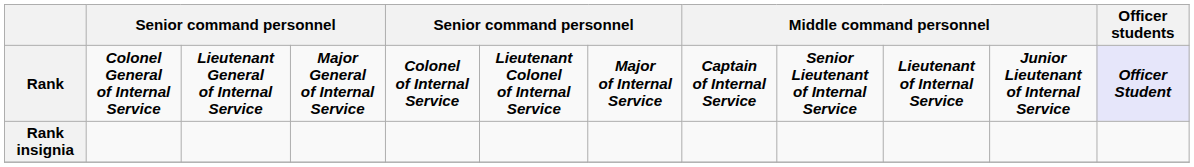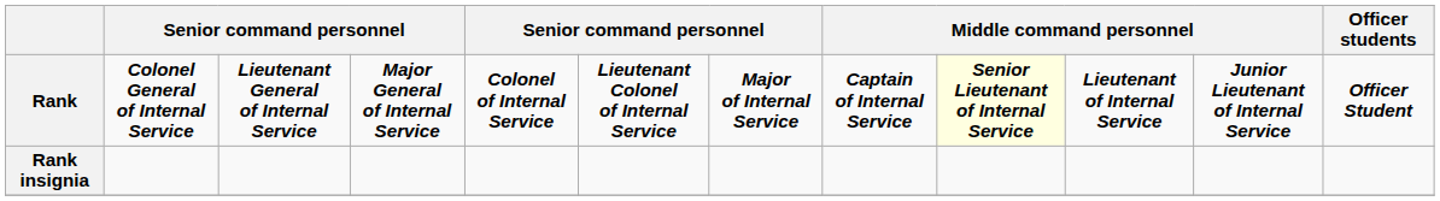 <table class="wikitable">
 <tr>
 <th></th>
 <th colspan=3>Senior command personnel</th>
 <th colspan=3>Senior command personnel</th>
 <th colspan=4>Middle command personnel</th>
 <th colspan=4>Officer students</th>
 </tr>
 <tr style="text-align:center;">
 <th>Rank </th>
 <td><strong><em> Colonel General<br> of Internal Service</em></strong></td>
 <td><strong><em>Lieutenant General<br> of Internal Service</em></strong></td>
 <td><strong><em>Major General<br> of Internal Service</em></strong></td>
 <td><strong><em>Colonel<br> of Internal Service</em></strong></td>
 <td><strong><em>Lieutenant Colonel<br> of Internal Service</em></strong></td>
 <td><strong><em>Major<br> of Internal Service</em></strong></td>
 <td><strong><em>Captain<br> of Internal Service</em></strong></td>
-<td><strong><em>Senior Lieutenant<br> of Internal Service</em></strong></td>
+<td style="background: lightyellow;"><strong><em>Senior Lieutenant<br> of Internal Service</em></strong></td>
 <td><strong><em>Lieutenant<br> of Internal Service</em></strong></td>
 <td><strong><em>Junior Lieutenant<br> of Internal Service</em></strong></td>
-<td style="background: lavender;"><strong><em>Officer Student</em></strong></td>
+<td><strong><em>Officer Student</em></strong></td>
 </tr>
 <tr style="text-align:center;">
 <th>Rank insignia </th>
 <td></td>
 <td></td>
 <td></td>
 <td></td>
 <td></td>
 <td></td>
 <td></td>
 <td></td>
 <td></td>
 <td></td>
 <td></td>
 </tr>
 <tr style="text-align:center;">
 </tr>
 </table>
